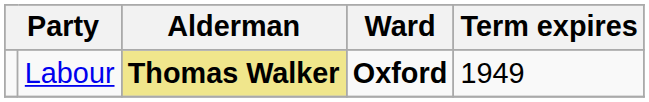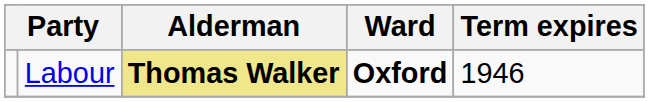 <table class="wikitable">
 <tr>
 <th colspan="2">Party</th>
 <th>Alderman</th>
 <th>Ward</th>
 <th>Term expires</th>
 </tr>
 <tr>
 <td style="background-color:"></td>
 <td><a href='#'>Labour</a></td>
 <td style="background: khaki;"><strong>Thomas Walker</strong></td>
 <td><strong>Oxford</strong></td>
-<td>1949</td>
+<td>1946</td>
 </tr>
 <tr>
 </tr>
 </table>
